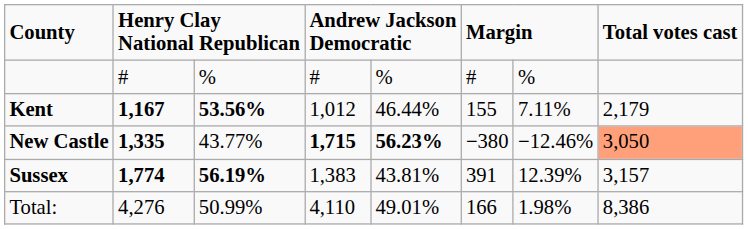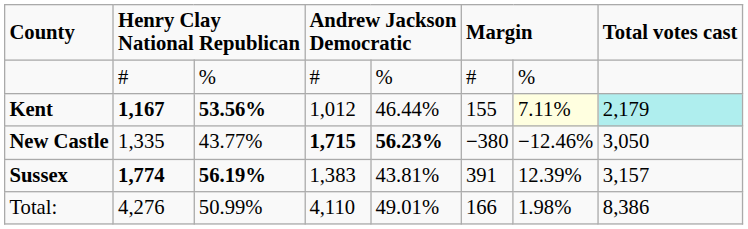 <table class="wikitable">
 <tr>
 <td><strong>County</strong></td>
 <td colspan="2" rowspan="1"><strong>Henry Clay</strong><br><strong>National Republican</strong></td>
 <td colspan="2" rowspan="1"><strong>Andrew Jackson</strong><br><strong>Democratic</strong></td>
 <td colspan="2" rowspan="1"><strong>Margin</strong></td>
 <td><strong>Total votes cast</strong></td>
 </tr>
 <tr>
 <td></td>
 <td>#</td>
 <td>%</td>
 <td>#</td>
 <td>%</td>
 <td>#</td>
 <td>%</td>
 <td></td>
 </tr>
 <tr>
 <td><strong>Kent</strong></td>
 <td><strong>1,167</strong></td>
 <td><strong>53.56%</strong></td>
 <td>1,012</td>
 <td>46.44%</td>
 <td>155</td>
-<td>7.11%</td>
-<td>2,179</td>
+<td style="background: lightyellow;">7.11%</td>
+<td style="background: paleturquoise;">2,179</td>
 </tr>
 <tr>
 <td><strong>New Castle</strong></td>
-<td><strong>1,335</strong></td>
+<td>1,335</td>
 <td>43.77%</td>
 <td><strong>1,715</strong></td>
 <td><strong>56.23%</strong></td>
 <td>−380</td>
 <td>−12.46%</td>
-<td style="background: lightsalmon;">3,050</td>
+<td>3,050</td>
 </tr>
 <tr>
 <td><strong>Sussex</strong></td>
 <td><strong>1,774</strong></td>
 <td><strong>56.19%</strong></td>
 <td>1,383</td>
 <td>43.81%</td>
 <td>391</td>
 <td>12.39%</td>
 <td>3,157</td>
 </tr>
 <tr>
 <td>Total:</td>
 <td>4,276</td>
 <td>50.99%</td>
 <td>4,110</td>
 <td>49.01%</td>
 <td>166</td>
 <td>1.98%</td>
 <td>8,386</td>
 </tr>
 </table>
